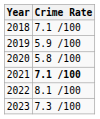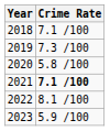 <table class="wikitable">
 <tr>
 <th>Year</th>
 <th>Crime Rate</th>
 </tr>
 <tr>
 <td>2018</td>
 <td>7.1 /100</td>
 </tr>
 <tr>
 <td>2019</td>
-<td>5.9 /100</td>
+<td>7.3 /100</td>
 </tr>
 <tr>
 <td>2020</td>
 <td>5.8 /100</td>
 </tr>
 <tr>
 <td>2021</td>
 <td><strong>7.1 /100</strong></td>
 </tr>
 <tr>
 <td>2022</td>
 <td>8.1 /100</td>
 </tr>
 <tr>
 <td>2023</td>
-<td>7.3 /100</td>
+<td>5.9 /100</td>
 </tr>
 </table>
